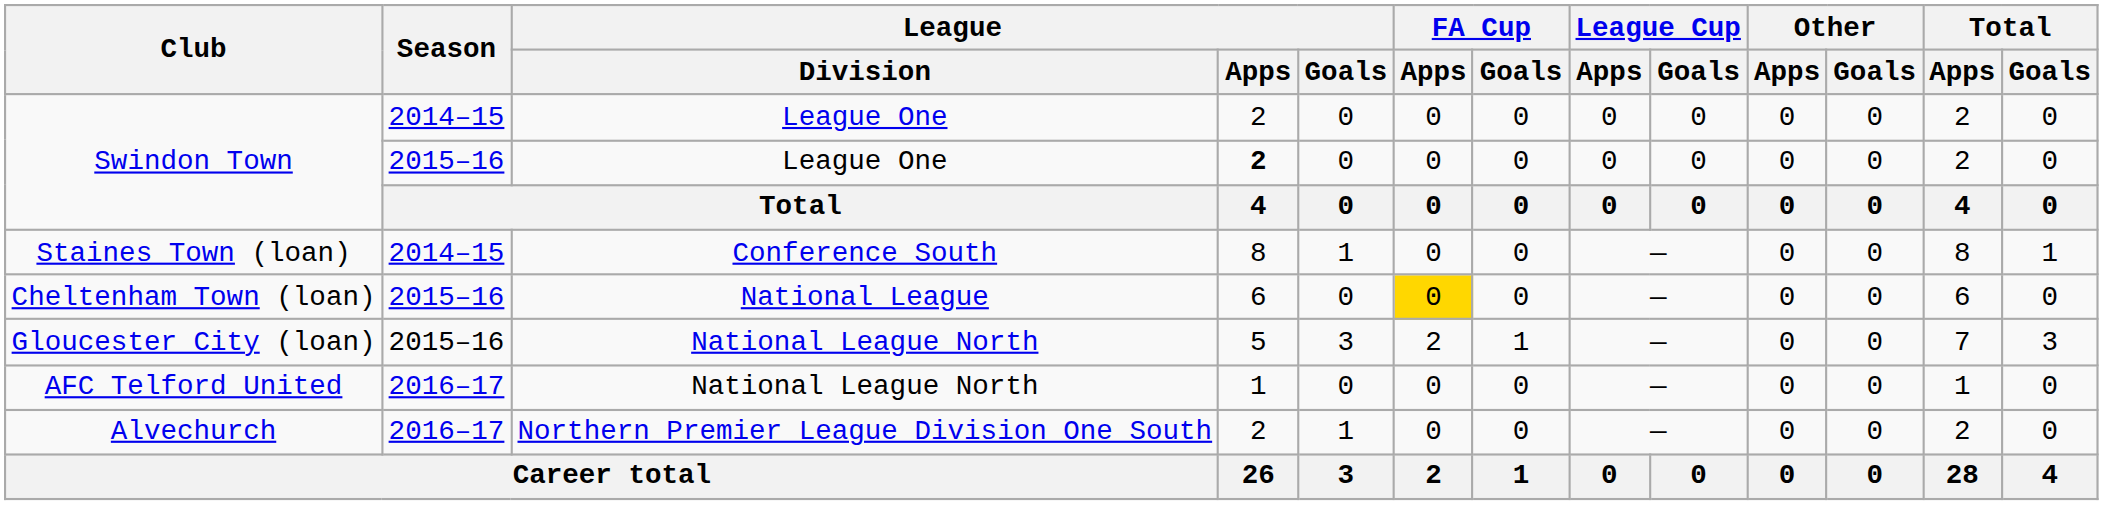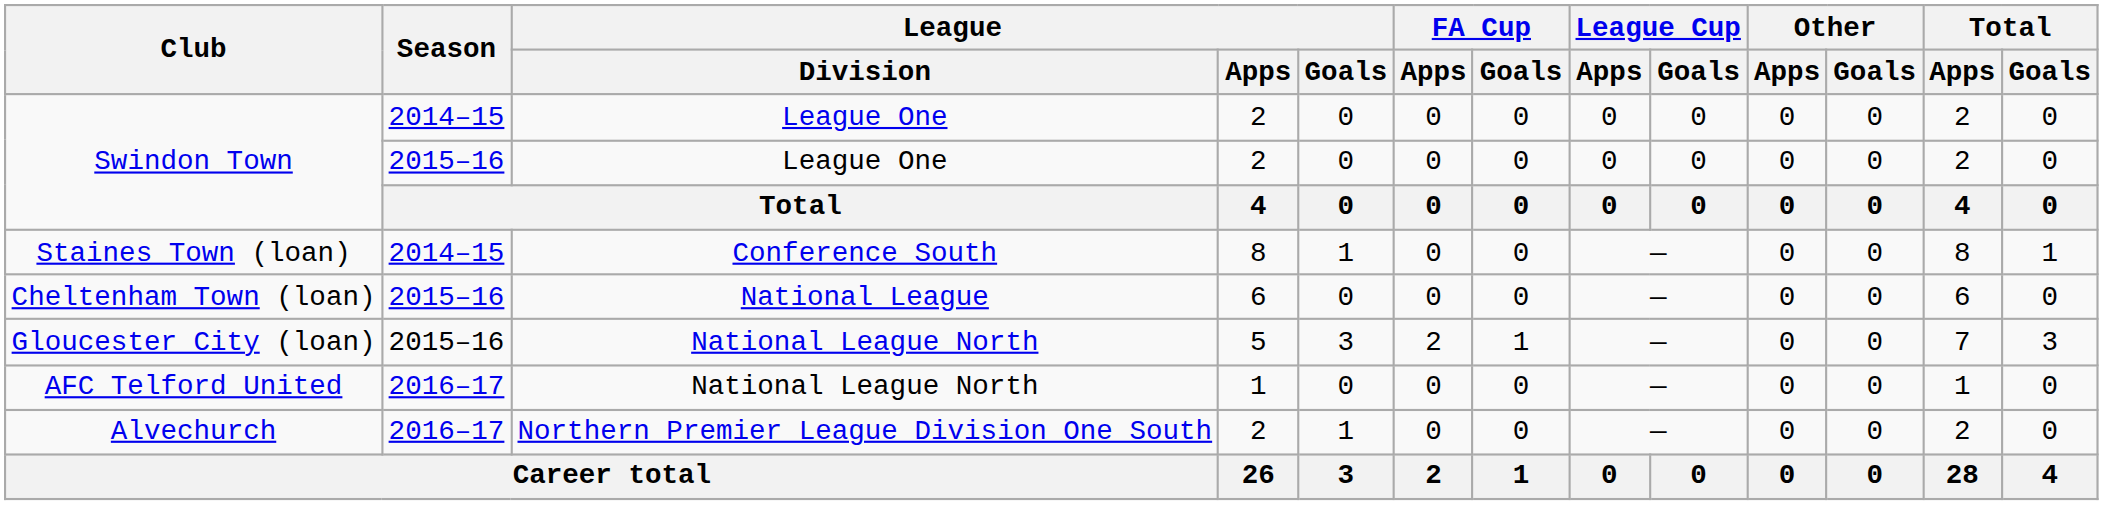 <table class="wikitable" style="text-align: center;">
 <tr>
 <th rowspan="2">Club</th>
 <th rowspan="2">Season</th>
 <th colspan="3">League</th>
 <th colspan="2"><a href='#'>FA Cup</a></th>
 <th colspan="2"><a href='#'>League Cup</a></th>
 <th colspan="2">Other</th>
 <th colspan="2">Total</th>
 </tr>
 <tr>
 <th>Division</th>
 <th>Apps</th>
 <th>Goals</th>
 <th>Apps</th>
 <th>Goals</th>
 <th>Apps</th>
 <th>Goals</th>
 <th>Apps</th>
 <th>Goals</th>
 <th>Apps</th>
 <th>Goals</th>
 </tr>
 <tr>
 <td rowspan="3" valign="center"><a href='#'>Swindon Town</a></td>
 <td><a href='#'>2014–15</a></td>
 <td><a href='#'>League One</a></td>
 <td>2</td>
 <td>0</td>
 <td>0</td>
 <td>0</td>
 <td>0</td>
 <td>0</td>
 <td>0</td>
 <td>0</td>
 <td>2</td>
 <td>0</td>
 </tr>
 <tr>
 <td><a href='#'>2015–16</a></td>
 <td>League One</td>
-<td><strong>2</strong></td>
+<td>2</td>
 <td>0</td>
 <td>0</td>
 <td>0</td>
 <td>0</td>
 <td>0</td>
 <td>0</td>
 <td>0</td>
 <td>2</td>
 <td>0</td>
 </tr>
 <tr>
 <th colspan="2">Total</th>
 <th>4</th>
 <th>0</th>
 <th>0</th>
 <th>0</th>
 <th>0</th>
 <th>0</th>
 <th>0</th>
 <th>0</th>
 <th>4</th>
 <th>0</th>
 </tr>
 <tr>
 <td rowspan="1" valign="center"><a href='#'>Staines Town</a> (loan)</td>
 <td><a href='#'>2014–15</a></td>
 <td><a href='#'>Conference South</a></td>
 <td>8</td>
 <td>1</td>
 <td>0</td>
 <td>0</td>
 <td colspan="2">—</td>
 <td>0</td>
 <td>0</td>
 <td>8</td>
 <td>1</td>
 </tr>
 <tr>
 <td rowspan="1" valign="center"><a href='#'>Cheltenham Town</a> (loan)</td>
 <td><a href='#'>2015–16</a></td>
 <td><a href='#'>National League</a></td>
 <td>6</td>
 <td>0</td>
-<td style="background: gold;">0</td>
+<td>0</td>
 <td>0</td>
 <td colspan="2">—</td>
 <td>0</td>
 <td>0</td>
 <td>6</td>
 <td>0</td>
 </tr>
 <tr>
 <td rowspan="1" valign="center"><a href='#'>Gloucester City</a> (loan)</td>
 <td>2015–16</td>
 <td><a href='#'>National League North</a></td>
 <td>5</td>
 <td>3</td>
 <td>2</td>
 <td>1</td>
 <td colspan="2">—</td>
 <td>0</td>
 <td>0</td>
 <td>7</td>
 <td>3</td>
 </tr>
 <tr>
 <td rowspan="1" valign="center"><a href='#'>AFC Telford United</a></td>
 <td><a href='#'>2016–17</a></td>
 <td>National League North</td>
 <td>1</td>
 <td>0</td>
 <td>0</td>
 <td>0</td>
 <td colspan="2">—</td>
 <td>0</td>
 <td>0</td>
 <td>1</td>
 <td>0</td>
 </tr>
 <tr>
 <td rowspan="1" valign="center"><a href='#'>Alvechurch</a></td>
 <td><a href='#'>2016–17</a></td>
 <td><a href='#'>Northern Premier League Division One South</a></td>
 <td>2</td>
 <td>1</td>
 <td>0</td>
 <td>0</td>
 <td colspan="2">—</td>
 <td>0</td>
 <td>0</td>
 <td>2</td>
 <td>0</td>
 </tr>
 <tr>
 <th colspan="3">Career total</th>
 <th>26</th>
 <th>3</th>
 <th>2</th>
 <th>1</th>
 <th>0</th>
 <th>0</th>
 <th>0</th>
 <th>0</th>
 <th>28</th>
 <th>4</th>
 </tr>
 </table>
